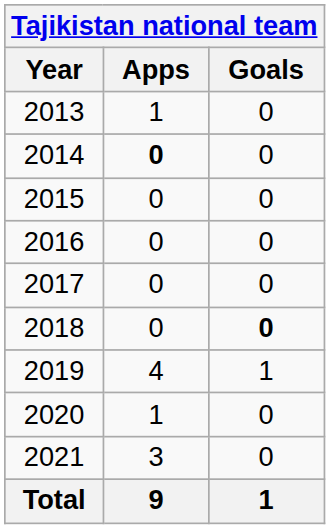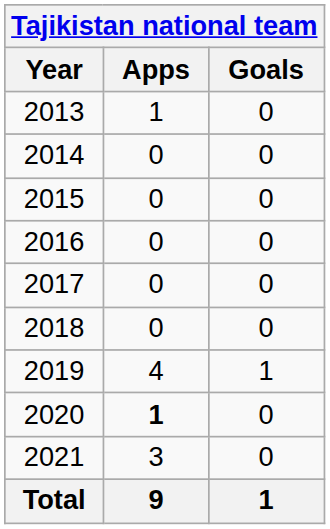 <table class="wikitable" style="text-align:center">
 <tr>
 <th colspan=3><a href='#'>Tajikistan national team</a></th>
 </tr>
 <tr>
 <th>Year</th>
 <th>Apps</th>
 <th>Goals</th>
 </tr>
 <tr>
 <td>2013</td>
 <td>1</td>
 <td>0</td>
 </tr>
 <tr>
 <td>2014</td>
-<td><strong>0</strong></td>
+<td>0</td>
 <td>0</td>
 </tr>
 <tr>
 <td>2015</td>
 <td>0</td>
 <td>0</td>
 </tr>
 <tr>
 <td>2016</td>
 <td>0</td>
 <td>0</td>
 </tr>
 <tr>
 <td>2017</td>
 <td>0</td>
 <td>0</td>
 </tr>
 <tr>
 <td>2018</td>
 <td>0</td>
-<td><strong>0</strong></td>
+<td>0</td>
 </tr>
 <tr>
 <td>2019</td>
 <td>4</td>
 <td>1</td>
 </tr>
 <tr>
 <td>2020</td>
-<td>1</td>
+<td><strong>1</strong></td>
 <td>0</td>
 </tr>
 <tr>
 <td>2021</td>
 <td>3</td>
 <td>0</td>
 </tr>
 <tr>
 <th>Total</th>
 <th>9</th>
 <th>1</th>
 </tr>
 </table>
